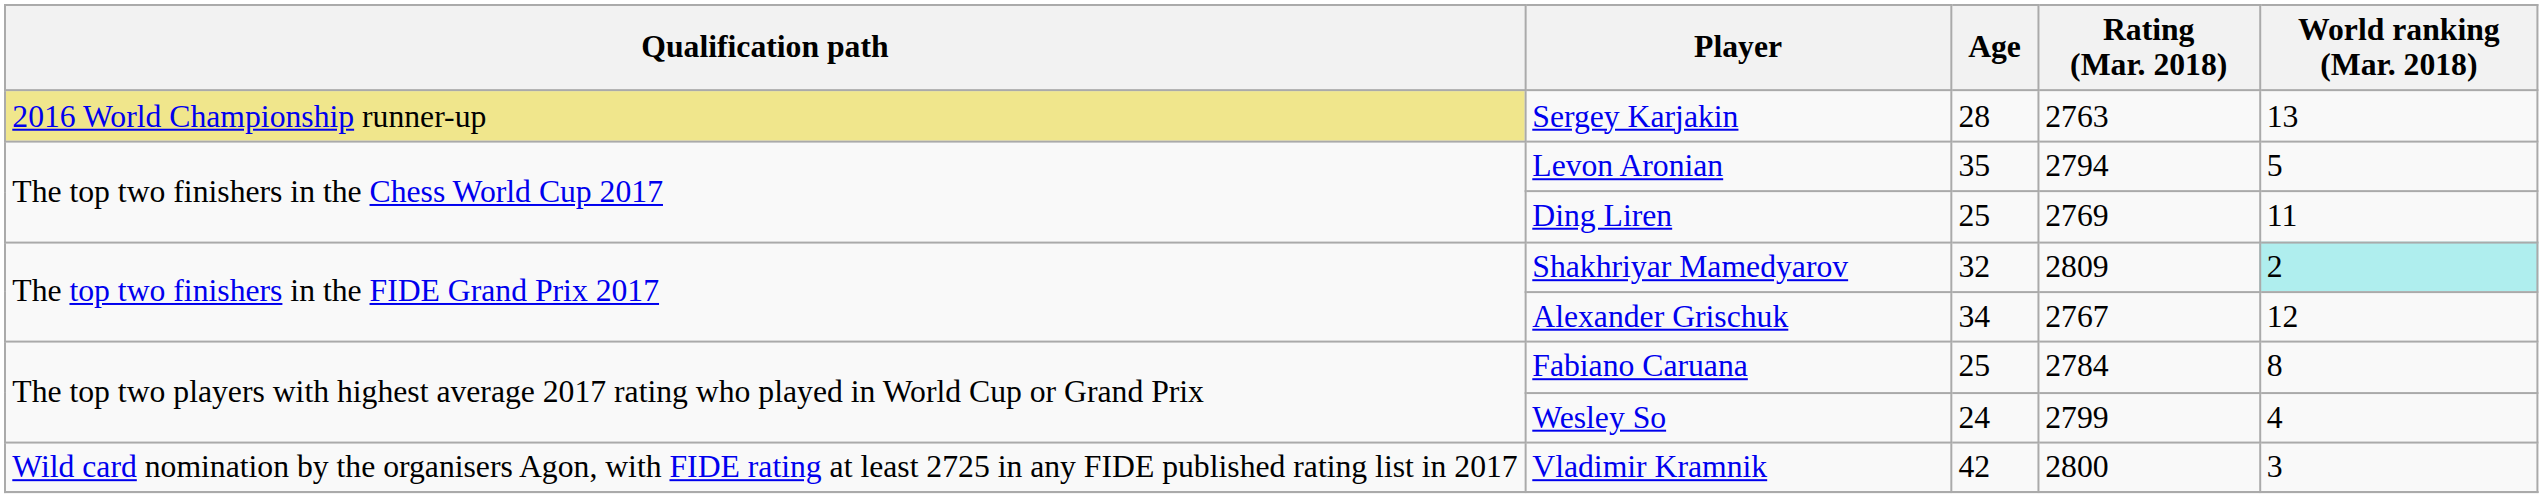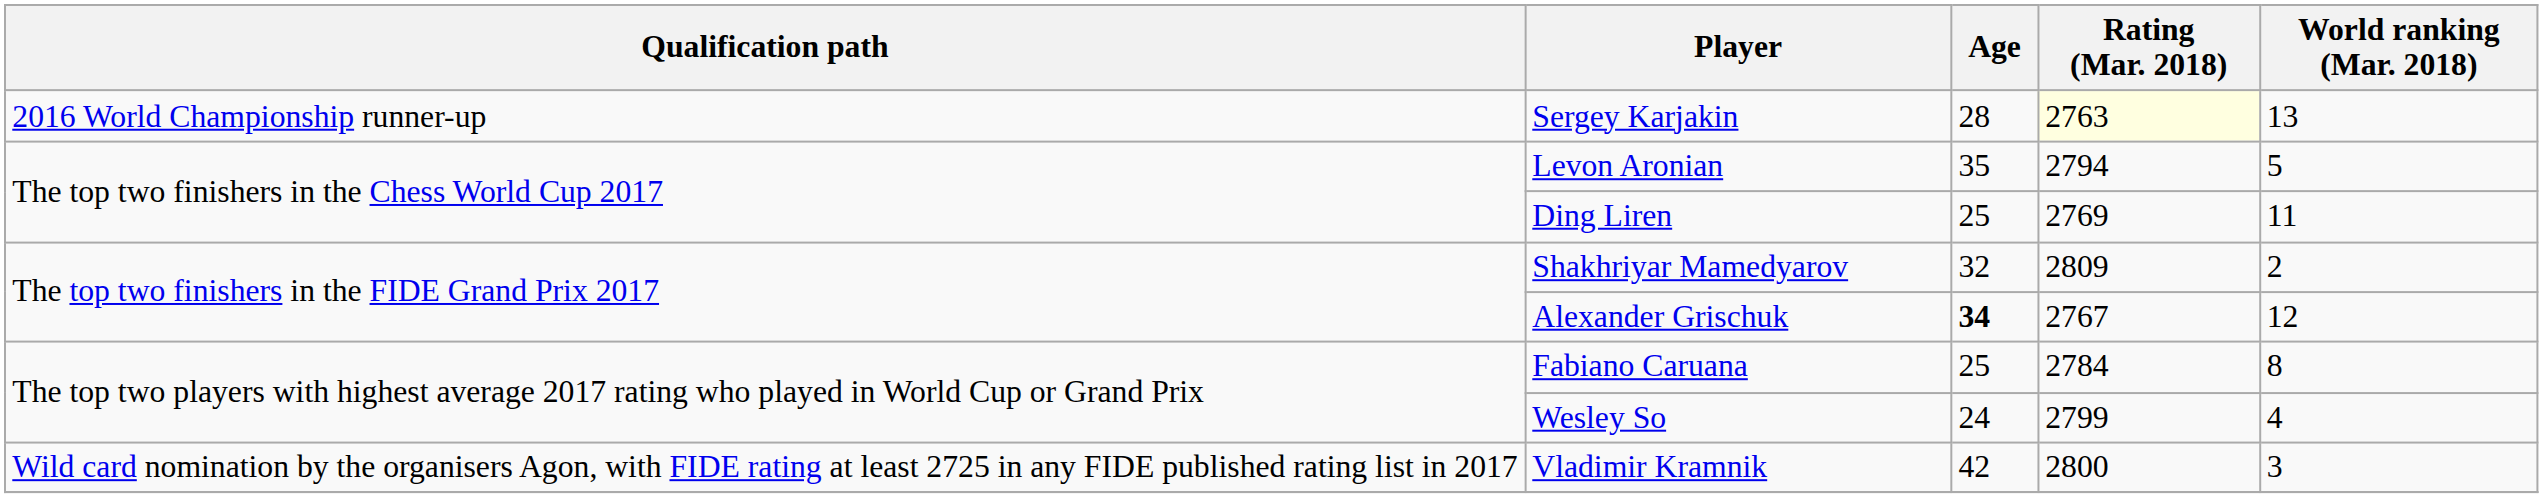 <table class="wikitable" style="text-align: left;">
 <tr>
 <th width="60%">Qualification path</th>
 <th>Player</th>
 <th>Age</th>
 <th>Rating<br>(Mar. 2018)</th>
 <th>World ranking<br>(Mar. 2018)</th>
 </tr>
 <tr>
-<td style="background: khaki;"><a href='#'>2016 World Championship</a> runner-up</td>
+<td><a href='#'>2016 World Championship</a> runner-up</td>
 <td> <a href='#'>Sergey Karjakin</a></td>
 <td>28</td>
-<td>2763</td>
+<td style="background: lightyellow;">2763</td>
 <td>13</td>
 </tr>
 <tr>
 <td rowspan="2">The top two finishers in the <a href='#'>Chess World Cup 2017</a></td>
 <td> <a href='#'>Levon Aronian</a></td>
 <td>35</td>
 <td>2794</td>
 <td>5</td>
 </tr>
 <tr>
 <td> <a href='#'>Ding Liren</a></td>
 <td>25</td>
 <td>2769</td>
 <td>11</td>
 </tr>
 <tr>
 <td rowspan="2">The <a href='#'>top two finishers</a> in the <a href='#'>FIDE Grand Prix 2017</a></td>
 <td> <a href='#'>Shakhriyar Mamedyarov</a></td>
 <td>32</td>
 <td>2809</td>
-<td style="background: paleturquoise;">2</td>
+<td>2</td>
 </tr>
 <tr>
 <td> <a href='#'>Alexander Grischuk</a></td>
-<td>34</td>
+<td><strong>34</strong></td>
 <td>2767</td>
 <td>12</td>
 </tr>
 <tr>
 <td rowspan="2">The top two players with highest average 2017 rating who played in World Cup or Grand Prix</td>
 <td> <a href='#'>Fabiano Caruana</a></td>
 <td>25</td>
 <td>2784</td>
 <td>8</td>
 </tr>
 <tr>
 <td> <a href='#'>Wesley So</a></td>
 <td>24</td>
 <td>2799</td>
 <td>4</td>
 </tr>
 <tr>
 <td><a href='#'>Wild card</a> nomination by the organisers Agon, with <a href='#'>FIDE rating</a> at least 2725 in any FIDE published rating list in 2017</td>
 <td> <a href='#'>Vladimir Kramnik</a></td>
 <td>42</td>
 <td>2800</td>
 <td>3</td>
 </tr>
 <tr>
 </tr>
 </table>
